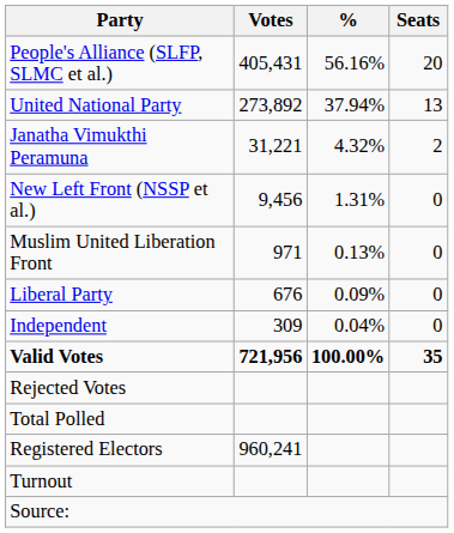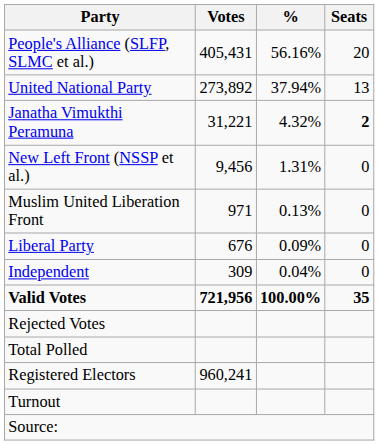 <table class="wikitable" border="1" style="text-align:right;">
 <tr>
 <th align=left width="180">Party</th>
 <th align=center width="50">Votes</th>
 <th align=center width="50">%</th>
 <th align=center width="40">Seats</th>
 </tr>
 <tr>
 <td align=left><a href='#'>People's Alliance</a> (<a href='#'>SLFP</a>, <a href='#'>SLMC</a> et al.)</td>
 <td>405,431</td>
 <td>56.16%</td>
 <td>20</td>
 </tr>
 <tr>
 <td align=left><a href='#'>United National Party</a></td>
 <td>273,892</td>
 <td>37.94%</td>
 <td>13</td>
 </tr>
 <tr>
 <td align=left><a href='#'>Janatha Vimukthi Peramuna</a></td>
 <td>31,221</td>
 <td>4.32%</td>
-<td>2</td>
+<td><strong>2</strong></td>
 </tr>
 <tr>
 <td align=left><a href='#'>New Left Front</a> (<a href='#'>NSSP</a> et al.)</td>
 <td>9,456</td>
 <td>1.31%</td>
 <td>0</td>
 </tr>
 <tr>
 <td align=left>Muslim United Liberation Front</td>
 <td>971</td>
 <td>0.13%</td>
 <td>0</td>
 </tr>
 <tr>
 <td align=left><a href='#'>Liberal Party</a></td>
 <td>676</td>
 <td>0.09%</td>
 <td>0</td>
 </tr>
 <tr>
 <td align=left><a href='#'>Independent</a></td>
 <td>309</td>
 <td>0.04%</td>
 <td>0</td>
 </tr>
 <tr>
 <td align=left><strong>Valid Votes</strong></td>
 <td><strong>721,956</strong></td>
 <td><strong>100.00%</strong></td>
 <td><strong>35</strong></td>
 </tr>
 <tr>
 <td align=left>Rejected Votes</td>
 <td></td>
 <td></td>
 <td></td>
 </tr>
 <tr>
 <td align=left>Total Polled</td>
 <td></td>
 <td></td>
 <td></td>
 </tr>
 <tr>
 <td align=left>Registered Electors</td>
 <td>960,241</td>
 <td></td>
 <td></td>
 </tr>
 <tr>
 <td align=left>Turnout</td>
 <td></td>
 <td></td>
 <td></td>
 </tr>
 <tr>
 <td align=left colspan=4>Source:</td>
 </tr>
 </table>
